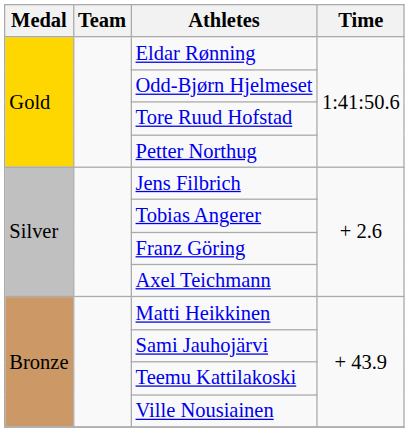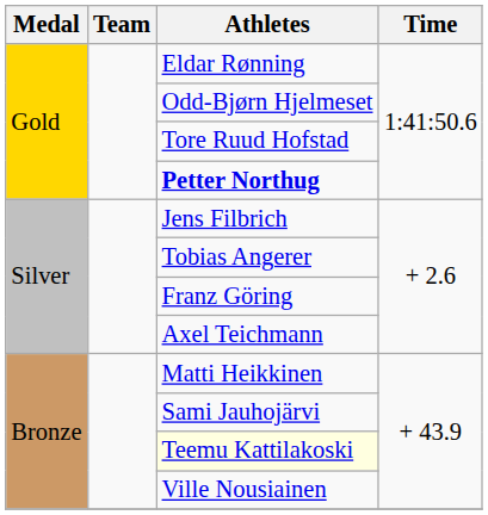 <table class="wikitable">
 <tr>
 <th align=left>Medal</th>
 <th>Team</th>
 <th>Athletes</th>
 <th align=Center>Time</th>
 </tr>
 <tr>
 <td bgcolor="gold" align=left rowspan="4">Gold</td>
 <td align=left rowspan="4"></td>
 <td align=left><a href='#'>Eldar Rønning</a></td>
 <td align=center rowspan="4">1:41:50.6</td>
 </tr>
 <tr>
 <td align=left><a href='#'>Odd-Bjørn Hjelmeset</a></td>
 </tr>
 <tr>
 <td align=left><a href='#'>Tore Ruud Hofstad</a></td>
 </tr>
 <tr>
-<td align=left><a href='#'>Petter Northug</a></td>
+<td align=left><strong><a href='#'>Petter Northug</a></strong></td>
 </tr>
 <tr>
 <td bgcolor="silver" align=left rowspan="4">Silver</td>
 <td align=left rowspan="4"></td>
 <td align=left><a href='#'>Jens Filbrich</a></td>
 <td align=center rowspan="4">+ 2.6</td>
 </tr>
 <tr>
 <td align=left><a href='#'>Tobias Angerer</a></td>
 </tr>
 <tr>
 <td align=left><a href='#'>Franz Göring</a></td>
 </tr>
 <tr>
 <td align=left><a href='#'>Axel Teichmann</a></td>
 </tr>
 <tr>
 <td bgcolor="CC9966" align=left rowspan="4">Bronze</td>
 <td align=left rowspan="4"></td>
 <td align=left><a href='#'>Matti Heikkinen</a></td>
 <td align=center rowspan="4">+ 43.9</td>
 </tr>
 <tr>
 <td align=left><a href='#'>Sami Jauhojärvi</a></td>
 </tr>
 <tr>
-<td align=left><a href='#'>Teemu Kattilakoski</a></td>
+<td align=left style="background: lightyellow;"><a href='#'>Teemu Kattilakoski</a></td>
 </tr>
 <tr>
 <td align=left><a href='#'>Ville Nousiainen</a></td>
 </tr>
 <tr>
 </tr>
 </table>
